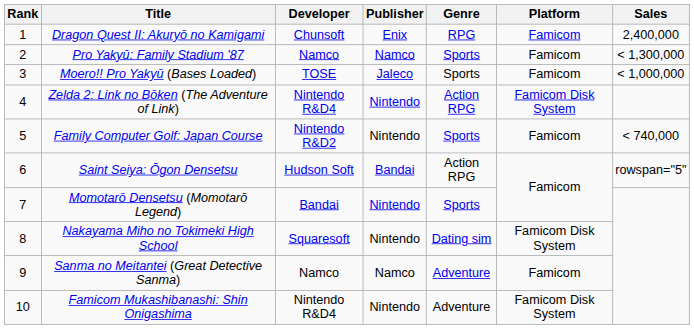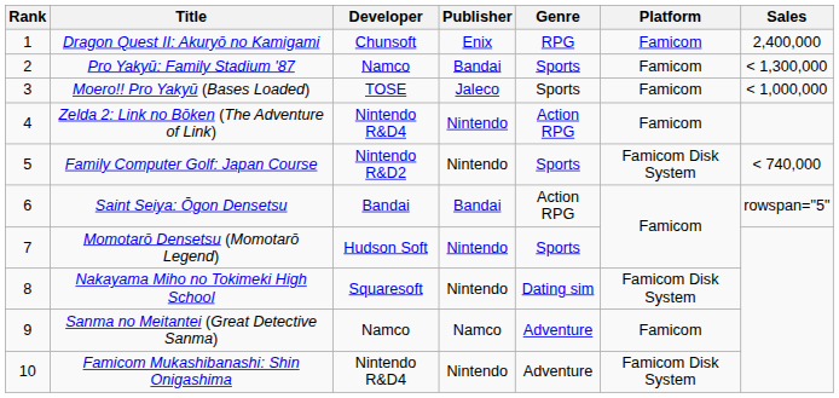 <table class="wikitable sortable" style="text-align:center">
 <tr>
 <th>Rank</th>
 <th>Title</th>
 <th>Developer</th>
 <th>Publisher</th>
 <th>Genre</th>
 <th>Platform</th>
 <th>Sales</th>
 </tr>
 <tr>
 <td>1</td>
 <td><em><a href='#'>Dragon Quest II: Akuryō no Kamigami</a></em></td>
 <td><a href='#'>Chunsoft</a></td>
 <td><a href='#'>Enix</a></td>
 <td><a href='#'>RPG</a></td>
 <td><a href='#'>Famicom</a></td>
 <td>2,400,000</td>
 </tr>
 <tr>
 <td>2</td>
 <td><em><a href='#'>Pro Yakyū: Family Stadium '87</a></em></td>
 <td><a href='#'>Namco</a></td>
-<td><a href='#'>Namco</a></td>
+<td><a href='#'>Bandai</a></td>
 <td><a href='#'>Sports</a></td>
 <td>Famicom</td>
 <td>< 1,300,000</td>
 </tr>
 <tr>
 <td>3</td>
 <td><em><a href='#'>Moero!! Pro Yakyū</a></em> (<em>Bases Loaded</em>)</td>
 <td><a href='#'>TOSE</a></td>
 <td><a href='#'>Jaleco</a></td>
 <td>Sports</td>
 <td>Famicom</td>
 <td>< 1,000,000</td>
 </tr>
 <tr>
 <td>4</td>
 <td><em><a href='#'>Zelda 2: Link no Bōken</a></em> (<em>The Adventure of Link</em>)</td>
 <td><a href='#'>Nintendo R&D4</a></td>
 <td><a href='#'>Nintendo</a></td>
 <td><a href='#'>Action RPG</a></td>
-<td><a href='#'>Famicom Disk System</a></td>
+<td>Famicom</td>
 <td></td>
 </tr>
 <tr>
 <td>5</td>
 <td><em><a href='#'>Family Computer Golf: Japan Course</a></em></td>
 <td><a href='#'>Nintendo R&D2</a></td>
 <td>Nintendo</td>
 <td><a href='#'>Sports</a></td>
-<td>Famicom</td>
+<td>Famicom Disk System</td>
 <td>< 740,000</td>
 </tr>
 <tr>
 <td>6</td>
 <td><em><a href='#'>Saint Seiya: Ōgon Densetsu</a></em></td>
-<td><a href='#'>Hudson Soft</a></td>
+<td><a href='#'>Bandai</a></td>
 <td><a href='#'>Bandai</a></td>
 <td>Action RPG</td>
 <td rowspan="2">Famicom</td>
 <td>rowspan="5" </td>
 </tr>
 <tr>
 <td>7</td>
 <td><em><a href='#'>Momotarō Densetsu</a></em> (<em>Momotarō Legend</em>)</td>
-<td><a href='#'>Bandai</a></td>
+<td><a href='#'>Hudson Soft</a></td>
 <td><a href='#'>Nintendo</a></td>
 <td><a href='#'>Sports</a></td>
 </tr>
 <tr>
 <td>8</td>
 <td><em><a href='#'>Nakayama Miho no Tokimeki High School</a></em></td>
 <td><a href='#'>Squaresoft</a></td>
 <td>Nintendo</td>
 <td><a href='#'>Dating sim</a></td>
 <td>Famicom Disk System</td>
 </tr>
 <tr>
 <td>9</td>
 <td><em><a href='#'>Sanma no Meitantei</a></em> (<em>Great Detective Sanma</em>)</td>
 <td>Namco</td>
 <td>Namco</td>
 <td><a href='#'>Adventure</a></td>
 <td>Famicom</td>
 </tr>
 <tr>
 <td>10</td>
 <td><em><a href='#'>Famicom Mukashibanashi: Shin Onigashima</a></em></td>
 <td>Nintendo R&D4</td>
 <td>Nintendo</td>
 <td>Adventure</td>
 <td>Famicom Disk System</td>
 </tr>
 </table>
